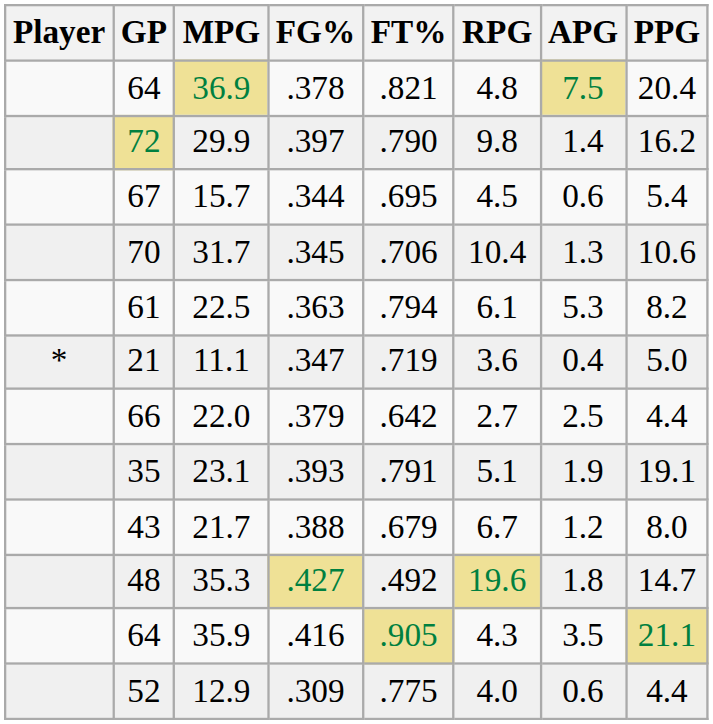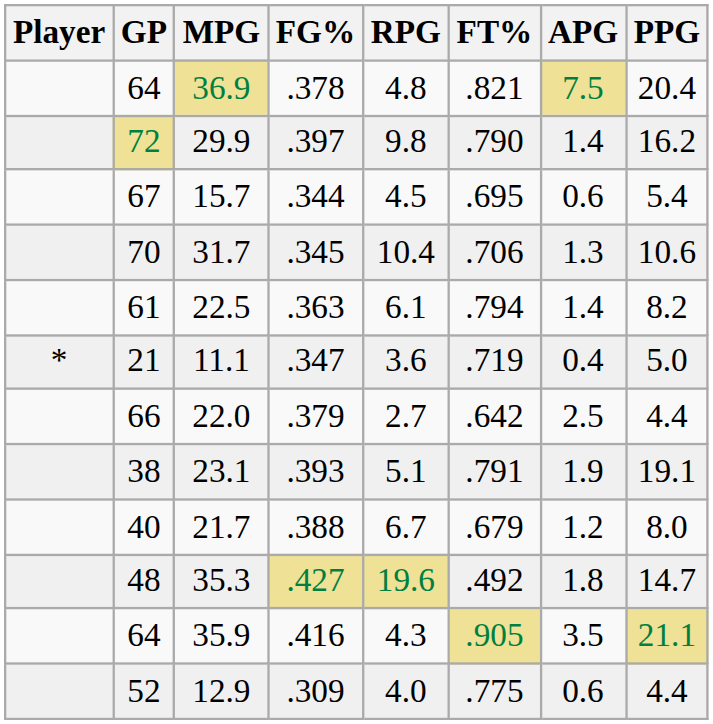 <table class="wikitable sortable" style="font-size:90%; text-align:center; white-space:nowrap;">
 <tr>
 <th>Player</th>
 <th>GP</th>
 <th>MPG</th>
 <th>FG%</th>
+<th>RPG</th>
 <th>FT%</th>
-<th>RPG</th>
 <th>APG</th>
 <th>PPG</th>
 </tr>
 <tr align="center" bgcolor="">
 <td></td>
 <td>64</td>
 <td style="background:#efe196;color:#008040;">36.9</td>
 <td>.378</td>
+<td>4.8</td>
 <td>.821</td>
-<td>4.8</td>
 <td style="background:#efe196;color:#008040;">7.5</td>
 <td>20.4</td>
 </tr>
 <tr align="center" bgcolor="#f0f0f0">
 <td></td>
 <td style="background:#efe196;color:#008040;">72</td>
 <td>29.9</td>
 <td>.397</td>
+<td>9.8</td>
 <td>.790</td>
-<td>9.8</td>
 <td>1.4</td>
 <td>16.2</td>
 </tr>
 <tr align="center" bgcolor="">
 <td></td>
 <td>67</td>
 <td>15.7</td>
 <td>.344</td>
+<td>4.5</td>
 <td>.695</td>
-<td>4.5</td>
 <td>0.6</td>
 <td>5.4</td>
 </tr>
 <tr align="center" bgcolor="#f0f0f0">
 <td></td>
 <td>70</td>
 <td>31.7</td>
 <td>.345</td>
+<td>10.4</td>
 <td>.706</td>
-<td>10.4</td>
 <td>1.3</td>
 <td>10.6</td>
 </tr>
 <tr align="center" bgcolor="">
 <td></td>
 <td>61</td>
 <td>22.5</td>
 <td>.363</td>
+<td>6.1</td>
 <td>.794</td>
-<td>6.1</td>
-<td>5.3</td>
+<td>1.4</td>
 <td>8.2</td>
 </tr>
 <tr align="center" bgcolor="#f0f0f0">
 <td>*</td>
 <td>21</td>
 <td>11.1</td>
 <td>.347</td>
+<td>3.6</td>
 <td>.719</td>
-<td>3.6</td>
 <td>0.4</td>
 <td>5.0</td>
 </tr>
 <tr align="center" bgcolor="">
 <td></td>
 <td>66</td>
 <td>22.0</td>
 <td>.379</td>
+<td>2.7</td>
 <td>.642</td>
-<td>2.7</td>
 <td>2.5</td>
 <td>4.4</td>
 </tr>
 <tr align="center" bgcolor="#f0f0f0">
 <td></td>
-<td>35</td>
+<td>38</td>
 <td>23.1</td>
 <td>.393</td>
+<td>5.1</td>
 <td>.791</td>
-<td>5.1</td>
 <td>1.9</td>
 <td>19.1</td>
 </tr>
 <tr align="center" bgcolor="">
 <td></td>
-<td>43</td>
+<td>40</td>
 <td>21.7</td>
 <td>.388</td>
+<td>6.7</td>
 <td>.679</td>
-<td>6.7</td>
 <td>1.2</td>
 <td>8.0</td>
 </tr>
 <tr align="center" bgcolor="#f0f0f0">
 <td></td>
 <td>48</td>
 <td>35.3</td>
 <td style="background:#efe196;color:#008040;">.427</td>
+<td style="background:#efe196;color:#008040;">19.6</td>
 <td>.492</td>
-<td style="background:#efe196;color:#008040;">19.6</td>
 <td>1.8</td>
 <td>14.7</td>
 </tr>
 <tr align="center" bgcolor="">
 <td></td>
 <td>64</td>
 <td>35.9</td>
 <td>.416</td>
+<td>4.3</td>
 <td style="background:#efe196;color:#008040;">.905</td>
-<td>4.3</td>
 <td>3.5</td>
 <td style="background:#efe196;color:#008040;">21.1</td>
 </tr>
 <tr align="center" bgcolor="#f0f0f0">
 <td></td>
 <td>52</td>
 <td>12.9</td>
 <td>.309</td>
+<td>4.0</td>
 <td>.775</td>
-<td>4.0</td>
 <td>0.6</td>
 <td>4.4</td>
 </tr>
 </table>
